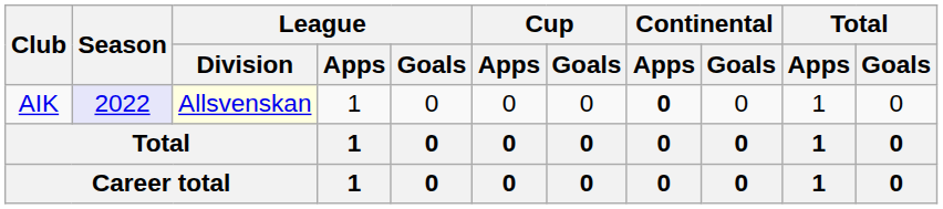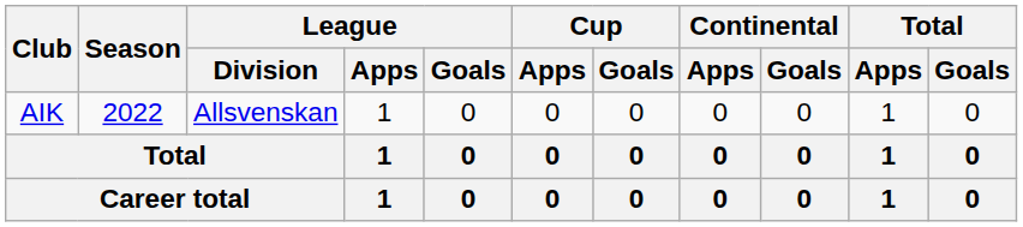 <table class="wikitable" style="text-align:center;">
 <tr>
 <th rowspan="2">Club</th>
 <th rowspan="2">Season</th>
 <th colspan="3">League</th>
 <th colspan="2">Cup</th>
 <th colspan="2">Continental</th>
 <th colspan="2">Total</th>
 </tr>
 <tr>
 <th>Division</th>
 <th>Apps</th>
 <th>Goals</th>
 <th>Apps</th>
 <th>Goals</th>
 <th>Apps</th>
 <th>Goals</th>
 <th>Apps</th>
 <th>Goals</th>
 </tr>
 <tr>
 <td><a href='#'>AIK</a></td>
-<td style="background: lavender;"><a href='#'>2022</a></td>
-<td valign="center" style="background: lightyellow;"><a href='#'>Allsvenskan</a></td>
+<td><a href='#'>2022</a></td>
+<td valign="center"><a href='#'>Allsvenskan</a></td>
 <td>1</td>
 <td>0</td>
 <td>0</td>
 <td>0</td>
-<td><strong>0</strong></td>
+<td>0</td>
 <td>0</td>
 <td>1</td>
 <td>0</td>
 </tr>
 <tr>
 <th colspan="3">Total</th>
 <th>1</th>
 <th>0</th>
 <th>0</th>
 <th>0</th>
 <th>0</th>
 <th>0</th>
 <th>1</th>
 <th>0</th>
 </tr>
 <tr>
 <th colspan="3">Career total</th>
 <th>1</th>
 <th>0</th>
 <th>0</th>
 <th>0</th>
 <th>0</th>
 <th>0</th>
 <th>1</th>
 <th>0</th>
 </tr>
 </table>
